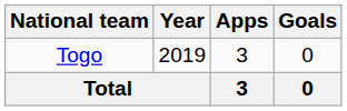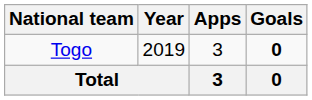 <table class="wikitable" style="text-align:center">
 <tr>
 <th>National team</th>
 <th>Year</th>
 <th>Apps</th>
 <th>Goals</th>
 </tr>
 <tr>
 <td><a href='#'>Togo</a></td>
 <td>2019</td>
 <td>3</td>
-<td>0</td>
+<td><strong>0</strong></td>
 </tr>
 <tr>
 <th colspan=2>Total</th>
 <th>3</th>
 <th>0</th>
 </tr>
 </table>
